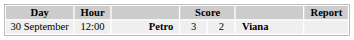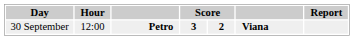 <table border="0" style="border: 1px solid #999; background-color:#FFFFFF">
 <tr align="center" bgcolor="#CCCCCC">
 <th width="100">  Day  </th>
 <th width="50">  Hour  </th>
 <th width="100"></th>
 <th colspan="2" width="80">Score</th>
 <th width="100"></th>
 <th>  Report  </th>
 </tr>
 <tr align="center" bgcolor="#EFEFEF">
 <td>30 September</td>
 <td>12:00</td>
 <td align="right"><strong>Petro</strong>  </td>
-<td>3</td>
-<td>2</td>
+<td><strong>3</strong></td>
+<td><strong>2</strong></td>
 <td align="left"><strong>  Viana</strong></td>
 <td></td>
 </tr>
 </table>
